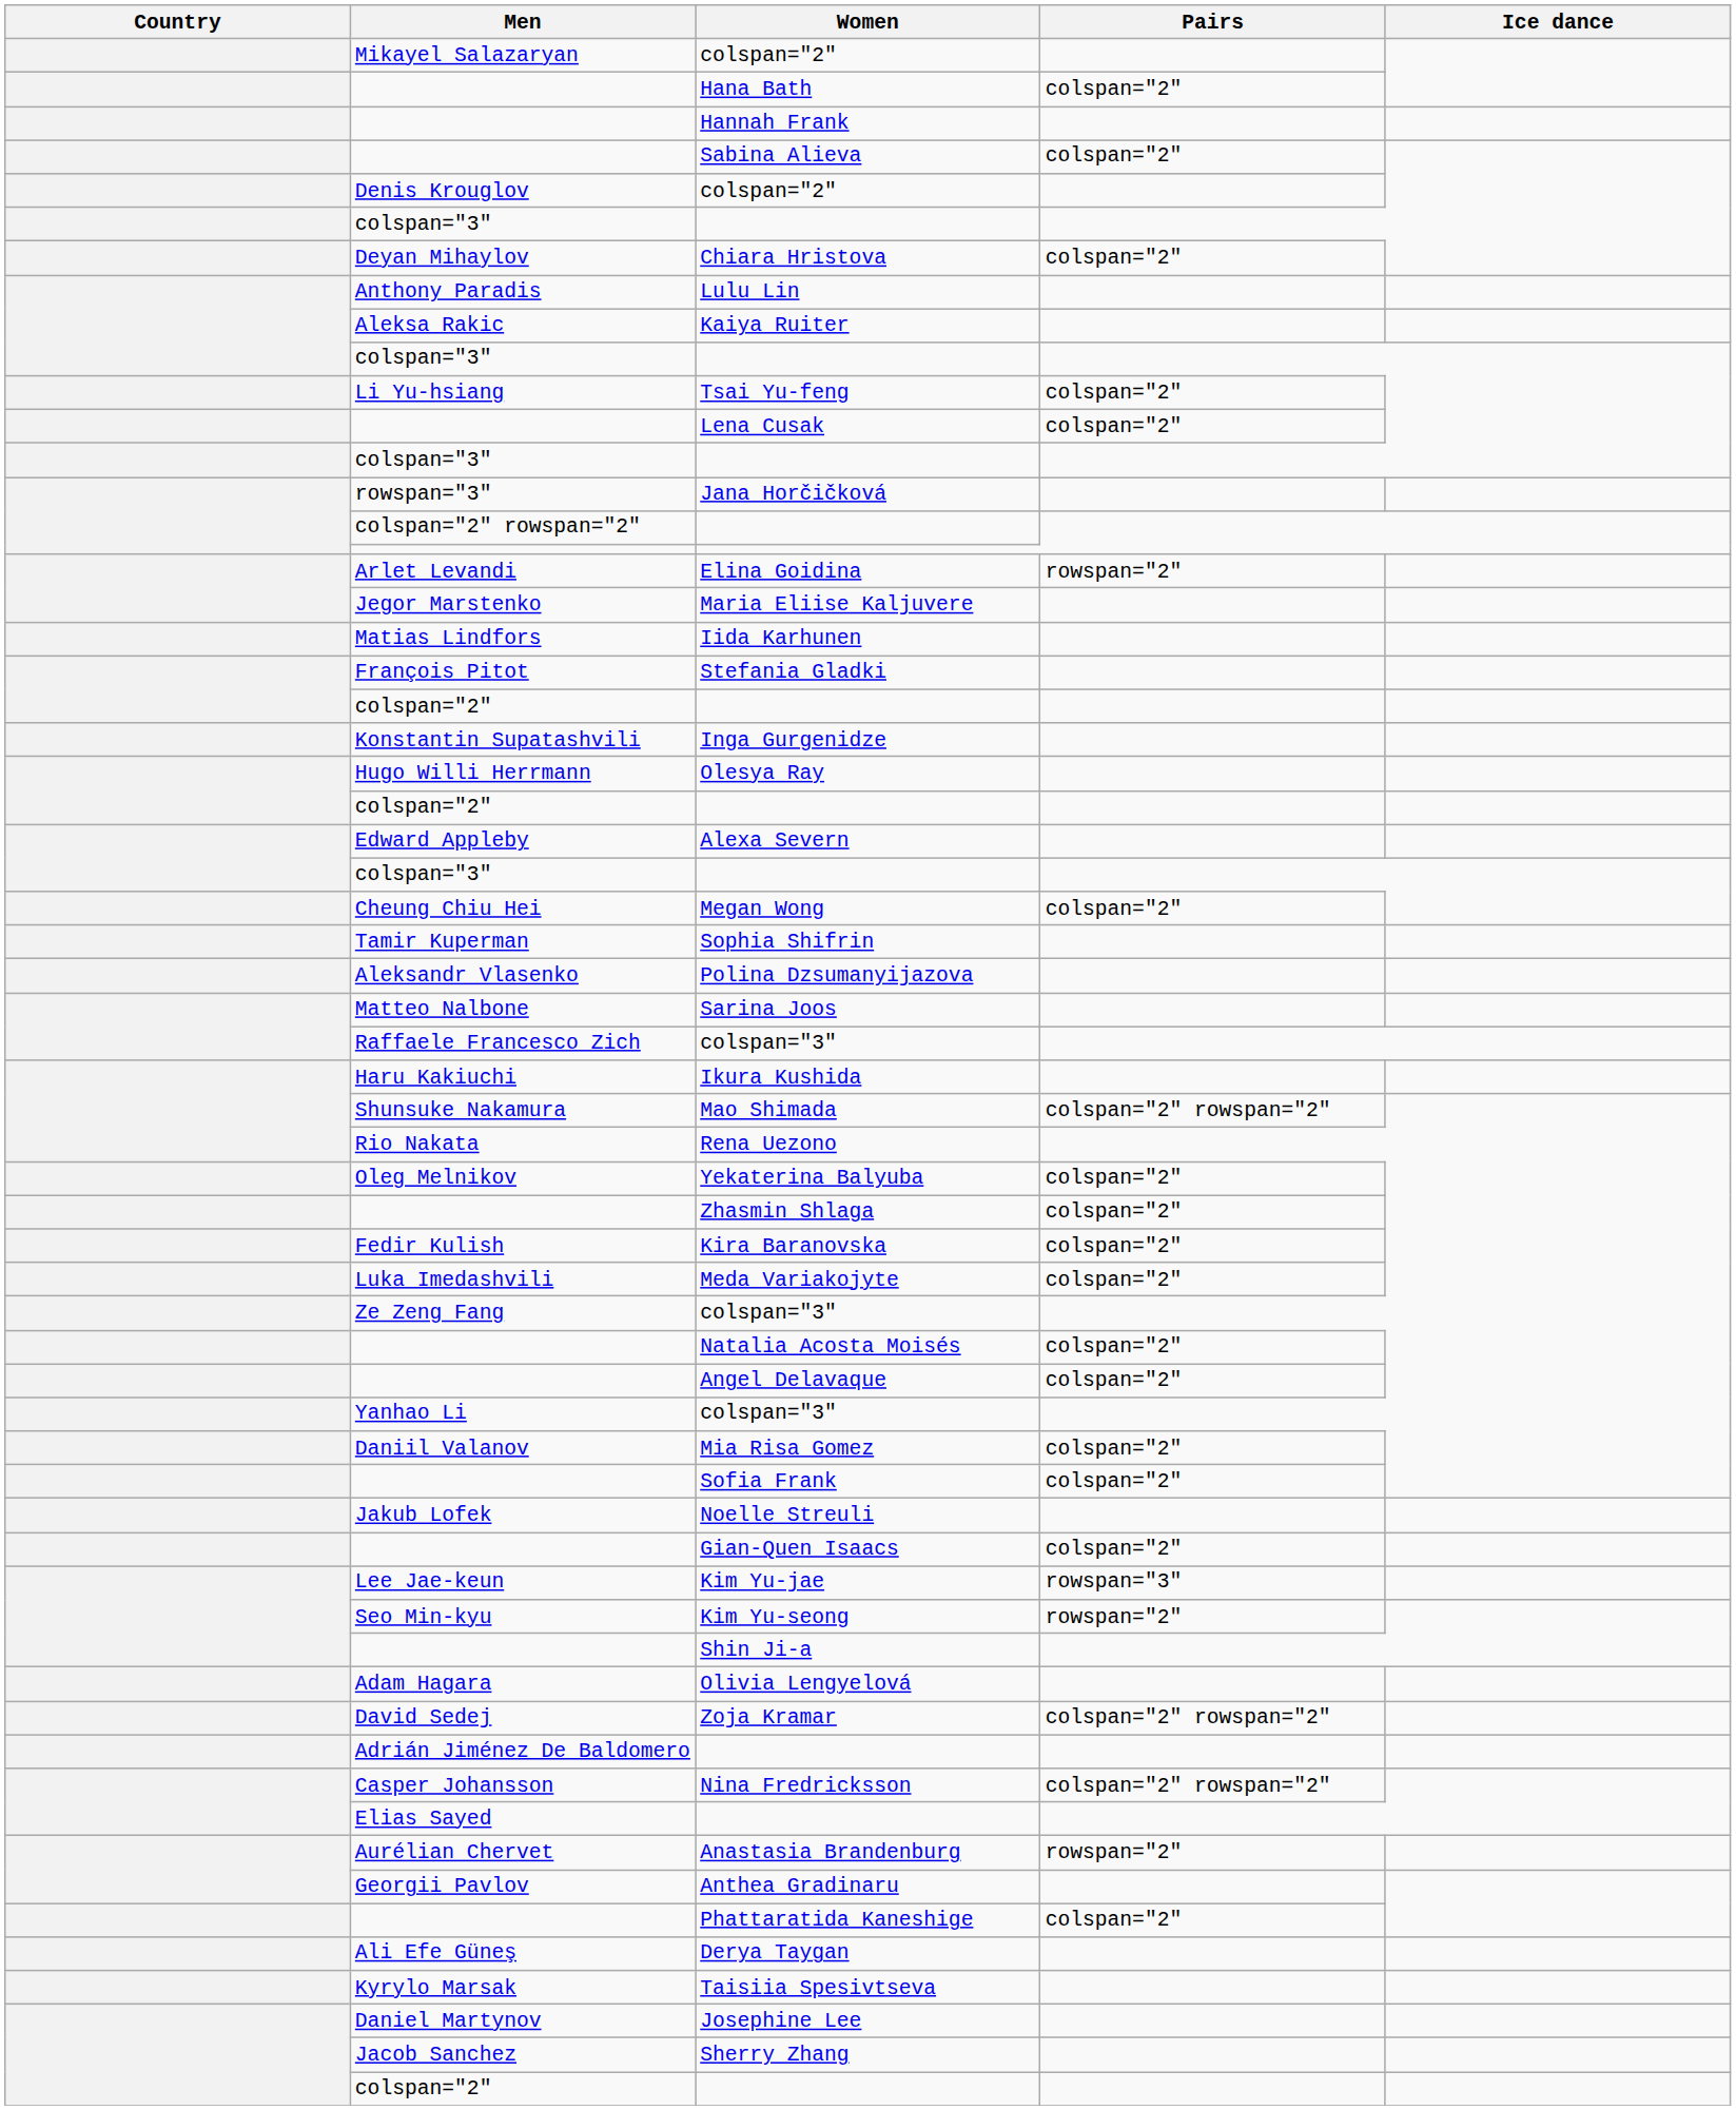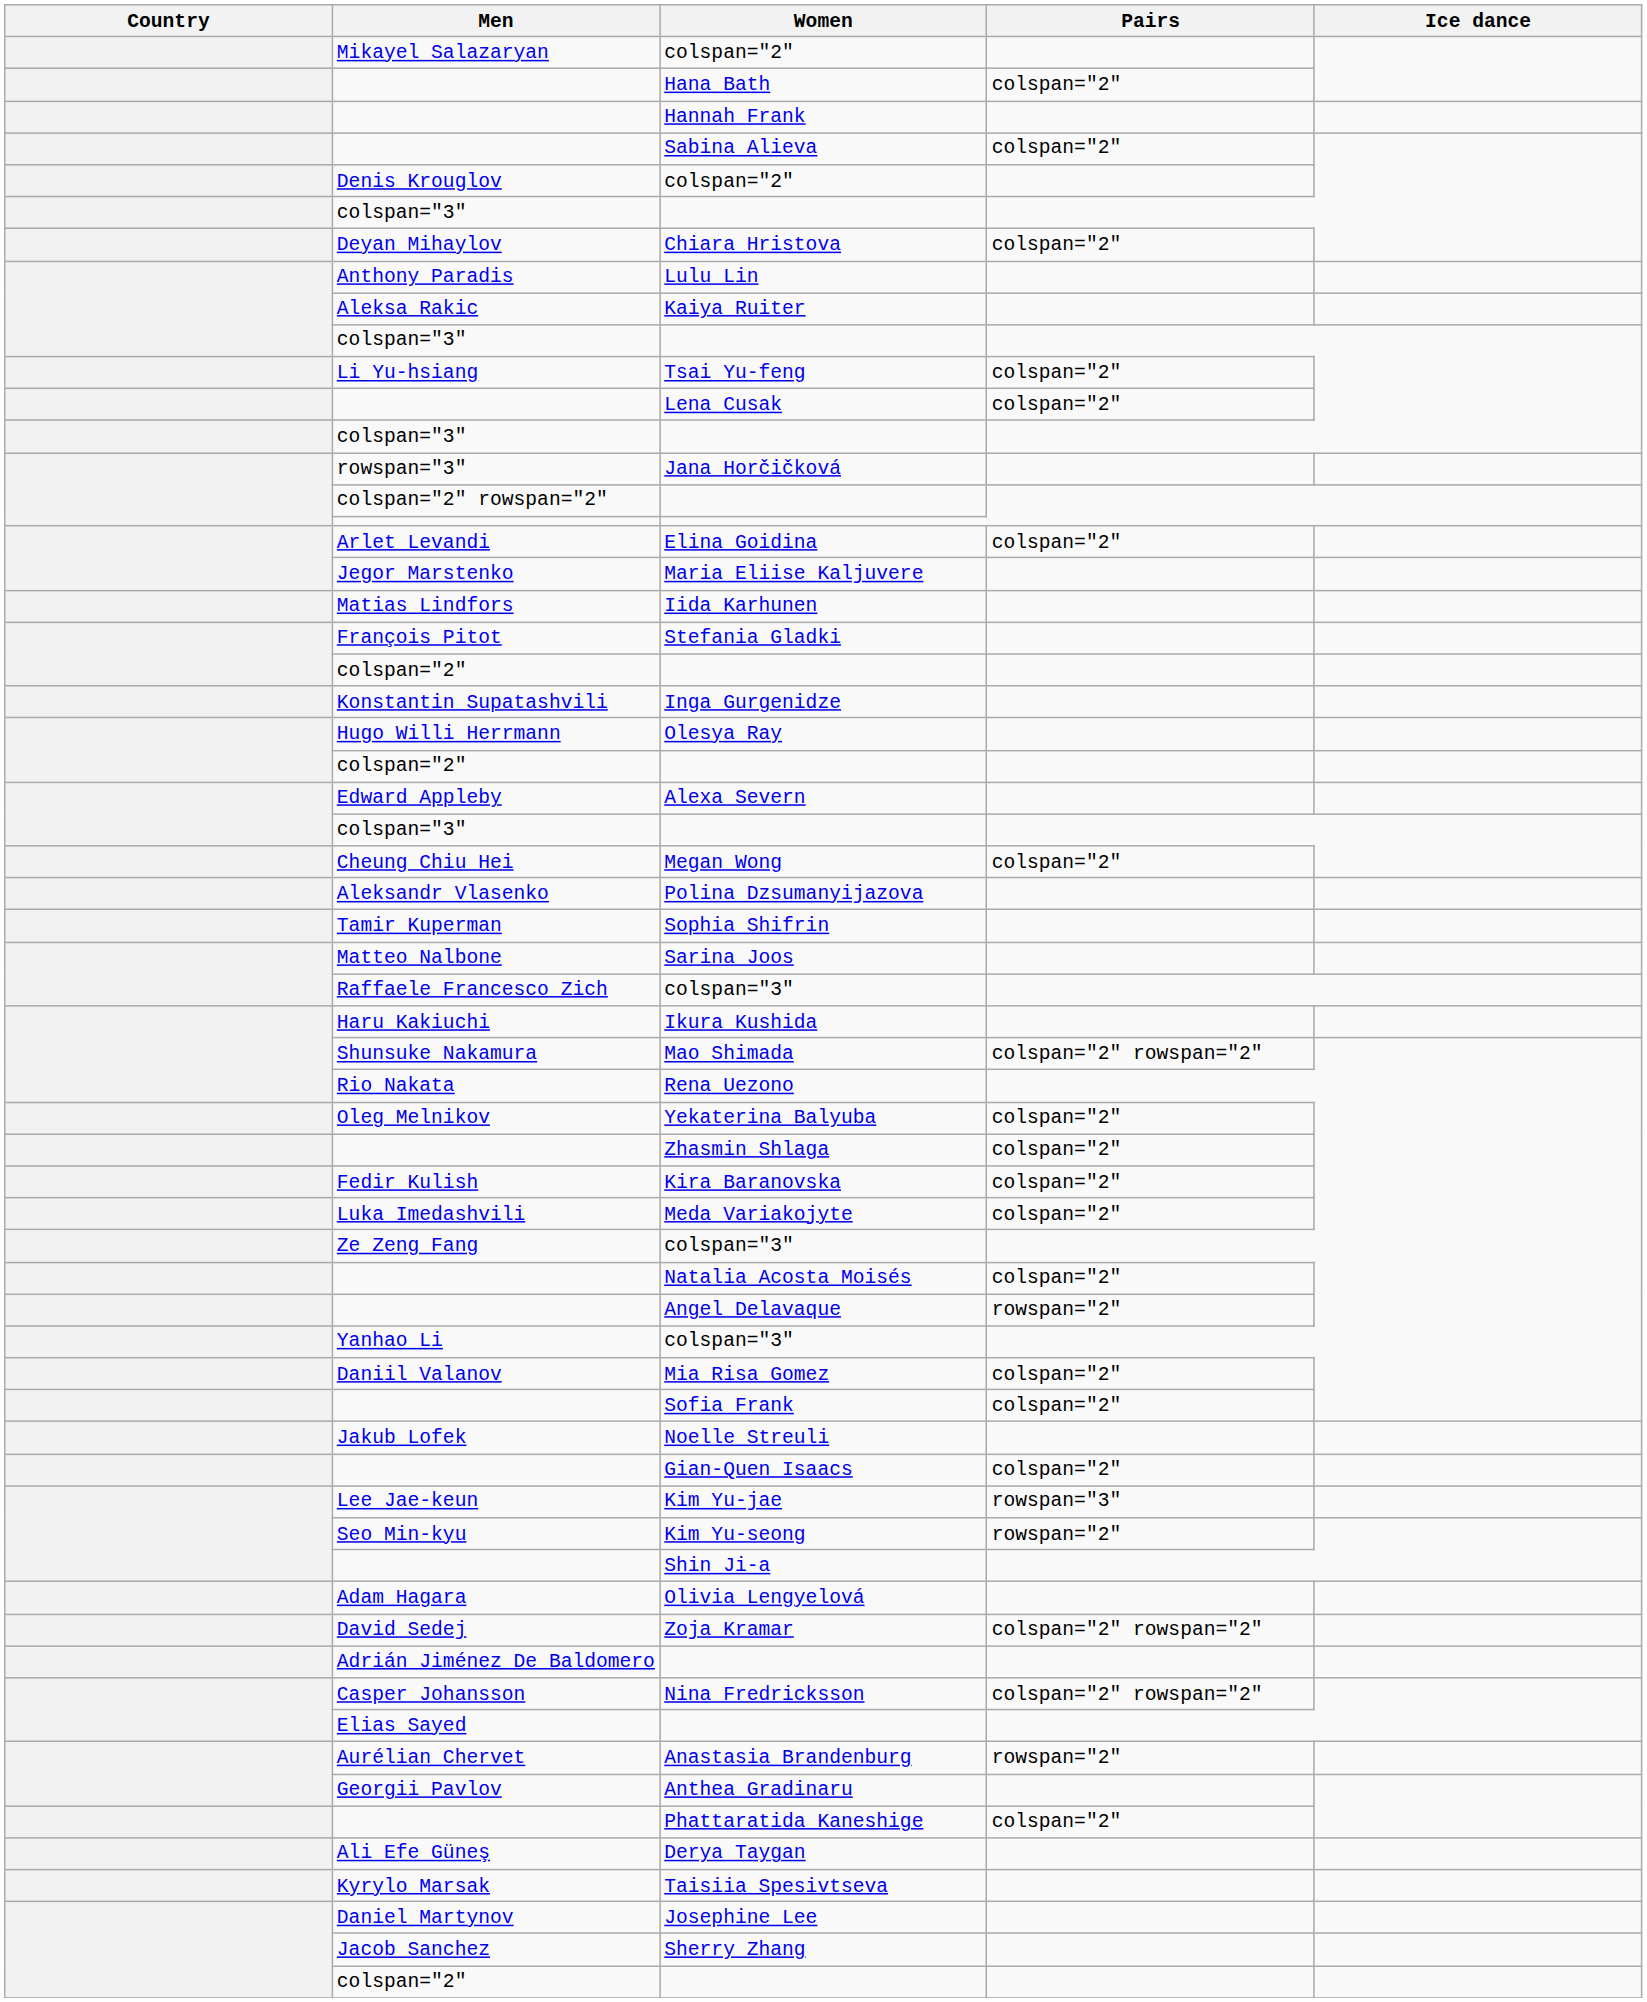 <table class="wikitable sortable" style="text-align:left width:100%">
 <tr>
 <th scope="col" style="width:20%">Country</th>
 <th scope="col" style="width:20%">Men</th>
 <th scope="col" style="width:20%">Women</th>
 <th scope="col" style="width:20%">Pairs</th>
 <th scope="col" style="width:20%">Ice dance</th>
 </tr>
 <tr>
 <th scope="row" style="text-align:left"></th>
 <td><a href='#'>Mikayel Salazaryan</a></td>
 <td>colspan="2" </td>
 <td></td>
 </tr>
 <tr>
 <th scope="row" style="text-align:left"></th>
 <td></td>
 <td><a href='#'>Hana Bath</a></td>
 <td>colspan="2" </td>
 </tr>
 <tr>
 <th scope="row" style="text-align:left"></th>
 <td></td>
 <td><a href='#'>Hannah Frank</a></td>
 <td></td>
 <td></td>
 </tr>
 <tr>
 <th scope="row" style="text-align:left"></th>
 <td></td>
 <td><a href='#'>Sabina Alieva</a></td>
 <td>colspan="2" </td>
 </tr>
 <tr>
 <th scope="row" style="text-align:left"></th>
 <td><a href='#'>Denis Krouglov</a></td>
 <td>colspan="2" </td>
 <td></td>
 </tr>
 <tr>
 <th scope="row" style="text-align:left"></th>
 <td>colspan="3" </td>
 <td></td>
 </tr>
 <tr>
 <th scope="row" style="text-align:left"></th>
 <td><a href='#'>Deyan Mihaylov</a></td>
 <td><a href='#'>Chiara Hristova</a></td>
 <td>colspan="2" </td>
 </tr>
 <tr>
 <th rowspan="3" scope="row" style="text-align:left"></th>
 <td><a href='#'>Anthony Paradis</a></td>
 <td><a href='#'>Lulu Lin</a></td>
 <td></td>
 <td></td>
 </tr>
 <tr>
 <td><a href='#'>Aleksa Rakic</a></td>
 <td><a href='#'>Kaiya Ruiter</a></td>
 <td></td>
 <td></td>
 </tr>
 <tr>
 <td>colspan="3" </td>
 <td></td>
 </tr>
 <tr>
 <th scope="row" style="text-align:left"></th>
 <td><a href='#'>Li Yu-hsiang</a></td>
 <td><a href='#'>Tsai Yu-feng</a></td>
 <td>colspan="2" </td>
 </tr>
 <tr>
 <th scope="row" style="text-align:left"></th>
 <td></td>
 <td><a href='#'>Lena Cusak</a></td>
 <td>colspan="2" </td>
 </tr>
 <tr>
 <th scope="row" style="text-align:left"></th>
 <td>colspan="3" </td>
 <td></td>
 </tr>
 <tr>
 <th rowspan="3" scope="row" style="text-align:left"></th>
 <td>rowspan="3" </td>
 <td><a href='#'>Jana Horčičková</a></td>
 <td></td>
 <td></td>
 </tr>
 <tr>
 <td>colspan="2" rowspan="2" </td>
 <td></td>
 </tr>
 <tr>
 <td></td>
 </tr>
 <tr>
 <th rowspan="2" scope="row" style="text-align:left"></th>
 <td><a href='#'>Arlet Levandi</a></td>
 <td><a href='#'>Elina Goidina</a></td>
-<td>rowspan="2" </td>
+<td>colspan="2" </td>
 <td></td>
 </tr>
 <tr>
 <td><a href='#'>Jegor Marstenko</a></td>
 <td><a href='#'>Maria Eliise Kaljuvere</a></td>
 <td></td>
 </tr>
 <tr>
 <th scope="row" style="text-align:left"></th>
 <td><a href='#'>Matias Lindfors</a></td>
 <td><a href='#'>Iida Karhunen</a></td>
 <td></td>
 <td></td>
 </tr>
 <tr>
 <th rowspan="2" scope="row" style="text-align:left"></th>
 <td><a href='#'>François Pitot</a></td>
 <td><a href='#'>Stefania Gladki</a></td>
 <td></td>
 <td></td>
 </tr>
 <tr>
 <td>colspan="2" </td>
 <td></td>
 <td></td>
 </tr>
 <tr>
 <th scope="row" style="text-align:left"></th>
 <td><a href='#'>Konstantin Supatashvili</a></td>
 <td><a href='#'>Inga Gurgenidze</a></td>
 <td></td>
 <td></td>
 </tr>
 <tr>
 <th rowspan="2" scope="row" style="text-align:left"></th>
 <td><a href='#'>Hugo Willi Herrmann</a></td>
 <td><a href='#'>Olesya Ray</a></td>
 <td></td>
 <td></td>
 </tr>
 <tr>
 <td>colspan="2" </td>
 <td></td>
 <td></td>
 </tr>
 <tr>
 <th rowspan="2" scope="row" style="text-align:left"></th>
 <td><a href='#'>Edward Appleby</a></td>
 <td><a href='#'>Alexa Severn</a></td>
 <td></td>
 <td></td>
 </tr>
 <tr>
 <td>colspan="3" </td>
 <td></td>
 </tr>
 <tr>
 <th scope="row" style="text-align:left"></th>
 <td><a href='#'>Cheung Chiu Hei</a></td>
 <td><a href='#'>Megan Wong</a></td>
 <td>colspan="2" </td>
 </tr>
 <tr>
 <th scope="row" style="text-align:left"></th>
-<td><a href='#'>Tamir Kuperman</a></td>
-<td><a href='#'>Sophia Shifrin</a></td>
+<td><a href='#'>Aleksandr Vlasenko</a></td>
+<td><a href='#'>Polina Dzsumanyijazova</a></td>
 <td></td>
 <td></td>
 </tr>
 <tr>
 <th scope="row" style="text-align:left"></th>
-<td><a href='#'>Aleksandr Vlasenko</a></td>
-<td><a href='#'>Polina Dzsumanyijazova</a></td>
+<td><a href='#'>Tamir Kuperman</a></td>
+<td><a href='#'>Sophia Shifrin</a></td>
 <td></td>
 <td></td>
 </tr>
 <tr>
 <th rowspan="2" scope="row" style="text-align:left"></th>
 <td><a href='#'>Matteo Nalbone</a></td>
 <td><a href='#'>Sarina Joos</a></td>
 <td></td>
 <td></td>
 </tr>
 <tr>
 <td><a href='#'>Raffaele Francesco Zich</a></td>
 <td>colspan="3" </td>
 </tr>
 <tr>
 <th rowspan="3" scope="row" style="text-align:left"></th>
 <td><a href='#'>Haru Kakiuchi</a></td>
 <td><a href='#'>Ikura Kushida</a></td>
 <td></td>
 <td></td>
 </tr>
 <tr>
 <td><a href='#'>Shunsuke Nakamura</a></td>
 <td><a href='#'>Mao Shimada</a></td>
 <td>colspan="2"  rowspan="2" </td>
 </tr>
 <tr>
 <td><a href='#'>Rio Nakata</a></td>
 <td><a href='#'>Rena Uezono</a></td>
 </tr>
 <tr>
 <th scope="row" style="text-align:left"></th>
 <td><a href='#'>Oleg Melnikov</a></td>
 <td><a href='#'>Yekaterina Balyuba</a></td>
 <td>colspan="2" </td>
 </tr>
 <tr>
 <th scope="row" style="text-align:left"></th>
 <td></td>
 <td><a href='#'>Zhasmin Shlaga</a></td>
 <td>colspan="2" </td>
 </tr>
 <tr>
 <th scope="row" style="text-align:left"></th>
 <td><a href='#'>Fedir Kulish</a></td>
 <td><a href='#'>Kira Baranovska</a></td>
 <td>colspan="2" </td>
 </tr>
 <tr>
 <th scope="row" style="text-align:left"></th>
 <td><a href='#'>Luka Imedashvili</a></td>
 <td><a href='#'>Meda Variakojyte</a></td>
 <td>colspan="2" </td>
 </tr>
 <tr>
 <th scope="row" style="text-align:left"></th>
 <td><a href='#'>Ze Zeng Fang</a></td>
 <td>colspan="3" </td>
 </tr>
 <tr>
 <th scope="row" style="text-align:left"></th>
 <td></td>
 <td><a href='#'>Natalia Acosta Moisés</a></td>
 <td>colspan="2" </td>
 </tr>
 <tr>
 <th scope="row" style="text-align:left"></th>
 <td></td>
 <td><a href='#'>Angel Delavaque</a></td>
-<td>colspan="2" </td>
+<td>rowspan="2" </td>
 </tr>
 <tr>
 <th scope="row" style="text-align:left"></th>
 <td><a href='#'>Yanhao Li</a></td>
 <td>colspan="3" </td>
 </tr>
 <tr>
 <th scope="row" style="text-align:left"></th>
 <td><a href='#'>Daniil Valanov</a></td>
 <td><a href='#'>Mia Risa Gomez</a></td>
 <td>colspan="2" </td>
 </tr>
 <tr>
 <th scope="row" style="text-align:left"></th>
 <td></td>
 <td><a href='#'>Sofia Frank</a></td>
 <td>colspan="2" </td>
 </tr>
 <tr>
 <th scope="row" style="text-align:left"></th>
 <td><a href='#'>Jakub Lofek</a></td>
 <td><a href='#'>Noelle Streuli</a></td>
 <td></td>
 <td></td>
 </tr>
 <tr>
 <th scope="row" style="text-align:left"></th>
 <td></td>
 <td><a href='#'>Gian-Quen Isaacs</a></td>
 <td>colspan="2" </td>
 </tr>
 <tr>
 <th rowspan="3" scope="row" style="text-align:left"></th>
 <td><a href='#'>Lee Jae-keun</a></td>
 <td><a href='#'>Kim Yu-jae</a></td>
 <td>rowspan="3" </td>
 <td></td>
 </tr>
 <tr>
 <td><a href='#'>Seo Min-kyu</a></td>
 <td><a href='#'>Kim Yu-seong</a></td>
 <td>rowspan="2" </td>
 </tr>
 <tr>
 <td></td>
 <td><a href='#'>Shin Ji-a</a></td>
 </tr>
 <tr>
 <th scope="row" style="text-align:left"></th>
 <td><a href='#'>Adam Hagara</a></td>
 <td><a href='#'>Olivia Lengyelová</a></td>
 <td></td>
 <td></td>
 </tr>
 <tr>
 <th scope="row" style="text-align:left"></th>
 <td><a href='#'>David Sedej</a></td>
 <td><a href='#'>Zoja Kramar</a></td>
 <td>colspan="2" rowspan="2" </td>
 </tr>
 <tr>
 <th scope="row" style="text-align:left"></th>
 <td><a href='#'>Adrián Jiménez De Baldomero</a></td>
 <td></td>
 <td></td>
 <td></td>
 </tr>
 <tr>
 <th rowspan="2" scope="row" style="text-align:left"></th>
 <td><a href='#'>Casper Johansson</a></td>
 <td><a href='#'>Nina Fredricksson</a></td>
 <td>colspan="2" rowspan="2" </td>
 </tr>
 <tr>
 <td><a href='#'>Elias Sayed</a></td>
 <td></td>
 </tr>
 <tr>
 <th rowspan="2" scope="row" style="text-align:left"></th>
 <td><a href='#'>Aurélian Chervet</a></td>
 <td><a href='#'>Anastasia Brandenburg</a></td>
 <td>rowspan="2" </td>
 <td></td>
 </tr>
 <tr>
 <td><a href='#'>Georgii Pavlov</a></td>
 <td><a href='#'>Anthea Gradinaru</a></td>
 <td></td>
 </tr>
 <tr>
 <th scope="row" style="text-align:left"></th>
 <td></td>
 <td><a href='#'>Phattaratida Kaneshige</a></td>
 <td>colspan="2" </td>
 </tr>
 <tr>
 <th scope="row" style="text-align:left"></th>
 <td><a href='#'>Ali Efe Güneş</a></td>
 <td><a href='#'>Derya Taygan</a></td>
 <td></td>
 <td></td>
 </tr>
 <tr>
 <th scope="row" style="text-align:left"></th>
 <td><a href='#'>Kyrylo Marsak</a></td>
 <td><a href='#'>Taisiia Spesivtseva</a></td>
 <td></td>
 <td></td>
 </tr>
 <tr>
 <th rowspan="3" style="text-align:left"></th>
 <td><a href='#'>Daniel Martynov</a></td>
 <td><a href='#'>Josephine Lee</a></td>
 <td></td>
 <td></td>
 </tr>
 <tr>
 <td><a href='#'>Jacob Sanchez</a></td>
 <td><a href='#'>Sherry Zhang</a></td>
 <td></td>
 <td></td>
 </tr>
 <tr>
 <td>colspan="2" </td>
 <td></td>
 <td></td>
 </tr>
 </table>
